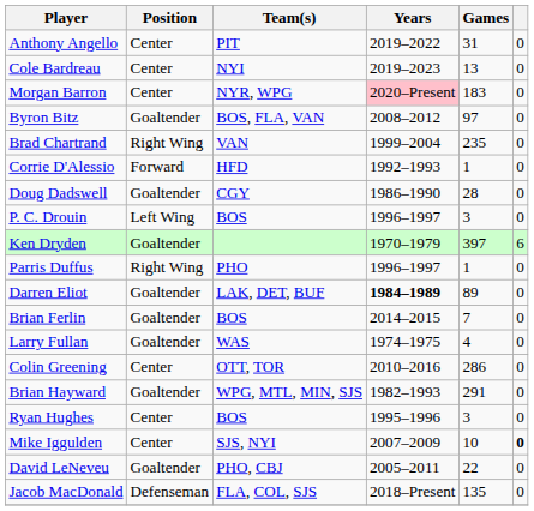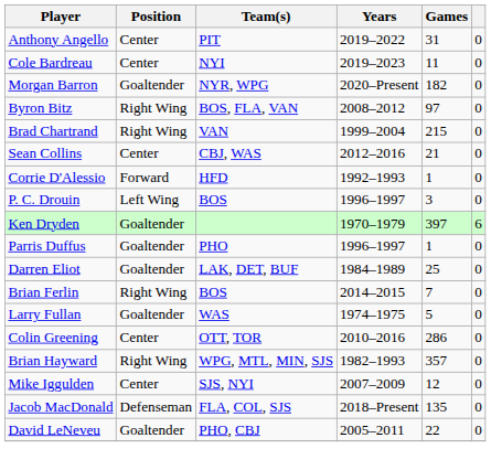 <table class="wikitable">
 <tr>
 <th>Player</th>
 <th>Position</th>
 <th>Team(s)</th>
 <th>Years</th>
 <th>Games</th>
 <th><a href='#'></a></th>
 </tr>
 <tr>
 <td><a href='#'>Anthony Angello</a></td>
 <td>Center</td>
 <td><a href='#'>PIT</a></td>
 <td>2019–2022</td>
 <td>31</td>
 <td>0</td>
 </tr>
 <tr>
 <td><a href='#'>Cole Bardreau</a></td>
 <td>Center</td>
 <td><a href='#'>NYI</a></td>
 <td>2019–2023</td>
-<td>13</td>
+<td>11</td>
 <td>0</td>
 </tr>
 <tr>
 <td><a href='#'>Morgan Barron</a></td>
-<td>Center</td>
+<td>Goaltender</td>
 <td><a href='#'>NYR</a>, <a href='#'>WPG</a></td>
-<td style="background: pink;">2020–Present</td>
-<td>183</td>
+<td>2020–Present</td>
+<td>182</td>
 <td>0</td>
 </tr>
 <tr>
 <td><a href='#'>Byron Bitz</a></td>
-<td>Goaltender</td>
+<td>Right Wing</td>
 <td><a href='#'>BOS</a>, <a href='#'>FLA</a>, <a href='#'>VAN</a></td>
 <td>2008–2012</td>
 <td>97</td>
 <td>0</td>
 </tr>
 <tr>
 <td><a href='#'>Brad Chartrand</a></td>
 <td>Right Wing</td>
 <td><a href='#'>VAN</a></td>
 <td>1999–2004</td>
-<td>235</td>
+<td>215</td>
+<td>0</td>
+</tr>
+<tr>
+<td><a href='#'>Sean Collins</a></td>
+<td>Center</td>
+<td><a href='#'>CBJ</a>, <a href='#'>WAS</a></td>
+<td>2012–2016</td>
+<td>21</td>
 <td>0</td>
 </tr>
 <tr>
 <td><a href='#'>Corrie D'Alessio</a></td>
 <td>Forward</td>
 <td><a href='#'>HFD</a></td>
 <td>1992–1993</td>
 <td>1</td>
-<td>0</td>
-</tr>
-<tr>
-<td><a href='#'>Doug Dadswell</a></td>
-<td>Goaltender</td>
-<td><a href='#'>CGY</a></td>
-<td>1986–1990</td>
-<td>28</td>
 <td>0</td>
 </tr>
 <tr>
 <td><a href='#'>P. C. Drouin</a></td>
 <td>Left Wing</td>
 <td><a href='#'>BOS</a></td>
 <td>1996–1997</td>
 <td>3</td>
 <td>0</td>
 </tr>
 <tr bgcolor=CCFFCC>
 <td><a href='#'>Ken Dryden</a></td>
 <td>Goaltender</td>
 <td><span><strong></strong></span></td>
 <td>1970–1979</td>
 <td>397</td>
 <td>6</td>
 </tr>
 <tr>
 <td><a href='#'>Parris Duffus</a></td>
-<td>Right Wing</td>
+<td>Goaltender</td>
 <td><a href='#'>PHO</a></td>
 <td>1996–1997</td>
 <td>1</td>
 <td>0</td>
 </tr>
 <tr>
 <td><a href='#'>Darren Eliot</a></td>
 <td>Goaltender</td>
 <td><a href='#'>LAK</a>, <a href='#'>DET</a>, <a href='#'>BUF</a></td>
-<td><strong>1984–1989</strong></td>
-<td>89</td>
+<td>1984–1989</td>
+<td>25</td>
 <td>0</td>
 </tr>
 <tr>
 <td><a href='#'>Brian Ferlin</a></td>
-<td>Goaltender</td>
+<td>Right Wing</td>
 <td><a href='#'>BOS</a></td>
 <td>2014–2015</td>
 <td>7</td>
 <td>0</td>
 </tr>
 <tr>
 <td><a href='#'>Larry Fullan</a></td>
 <td>Goaltender</td>
 <td><a href='#'>WAS</a></td>
 <td>1974–1975</td>
-<td>4</td>
+<td>5</td>
 <td>0</td>
 </tr>
 <tr>
 <td><a href='#'>Colin Greening</a></td>
 <td>Center</td>
 <td><a href='#'>OTT</a>, <a href='#'>TOR</a></td>
 <td>2010–2016</td>
 <td>286</td>
 <td>0</td>
 </tr>
 <tr>
 <td><a href='#'>Brian Hayward</a></td>
-<td>Goaltender</td>
+<td>Right Wing</td>
 <td><a href='#'>WPG</a>, <a href='#'>MTL</a>, <a href='#'>MIN</a>, <a href='#'>SJS</a></td>
 <td>1982–1993</td>
-<td>291</td>
-<td>0</td>
-</tr>
-<tr>
-<td><a href='#'>Ryan Hughes</a></td>
-<td>Center</td>
-<td><a href='#'>BOS</a></td>
-<td>1995–1996</td>
-<td>3</td>
+<td>357</td>
 <td>0</td>
 </tr>
 <tr>
 <td><a href='#'>Mike Iggulden</a></td>
 <td>Center</td>
 <td><a href='#'>SJS</a>, <a href='#'>NYI</a></td>
 <td>2007–2009</td>
-<td>10</td>
-<td><strong>0</strong></td>
-</tr>
-<tr>
-<td><a href='#'>David LeNeveu</a></td>
-<td>Goaltender</td>
-<td><a href='#'>PHO</a>, <a href='#'>CBJ</a></td>
-<td>2005–2011</td>
-<td>22</td>
+<td>12</td>
 <td>0</td>
 </tr>
 <tr>
 <td><a href='#'>Jacob MacDonald</a></td>
 <td>Defenseman</td>
 <td><a href='#'>FLA</a>, <a href='#'>COL</a>, <a href='#'>SJS</a></td>
 <td>2018–Present</td>
 <td>135</td>
 <td>0</td>
 </tr>
 <tr>
+<td><a href='#'>David LeNeveu</a></td>
+<td>Goaltender</td>
+<td><a href='#'>PHO</a>, <a href='#'>CBJ</a></td>
+<td>2005–2011</td>
+<td>22</td>
+<td>0</td>
+</tr>
+<tr>
 </tr>
 </table>
